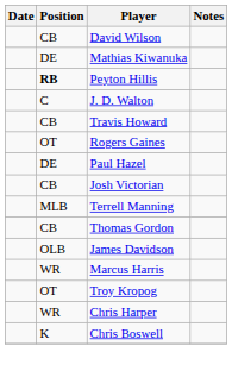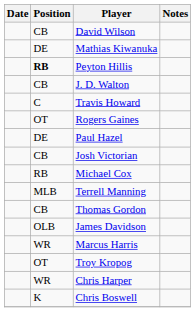 <table class="wikitable sortable" style="font-size: 95%;">
 <tr>
 <th>Date</th>
 <th>Position</th>
 <th>Player</th>
 <th>Notes</th>
 </tr>
 <tr>
 <td></td>
 <td>CB</td>
 <td><a href='#'>David Wilson</a></td>
 <td></td>
 </tr>
 <tr>
 <td></td>
 <td>DE</td>
 <td><a href='#'>Mathias Kiwanuka</a></td>
 <td></td>
 </tr>
 <tr>
 <td></td>
 <td><strong>RB</strong></td>
 <td><a href='#'>Peyton Hillis</a></td>
 <td></td>
 </tr>
 <tr>
 <td></td>
-<td>C</td>
+<td>CB</td>
 <td><a href='#'>J. D. Walton</a></td>
 <td></td>
 </tr>
 <tr>
 <td></td>
-<td>CB</td>
+<td>C</td>
 <td><a href='#'>Travis Howard</a></td>
 <td></td>
 </tr>
 <tr>
 <td></td>
 <td>OT</td>
 <td><a href='#'>Rogers Gaines</a></td>
 <td></td>
 </tr>
 <tr>
 <td></td>
 <td>DE</td>
 <td><a href='#'>Paul Hazel</a></td>
 <td></td>
 </tr>
 <tr>
 <td></td>
 <td>CB</td>
 <td><a href='#'>Josh Victorian</a></td>
+<td></td>
+</tr>
+<tr>
+<td></td>
+<td>RB</td>
+<td><a href='#'>Michael Cox</a></td>
 <td></td>
 </tr>
 <tr>
 <td></td>
 <td>MLB</td>
 <td><a href='#'>Terrell Manning</a></td>
 <td></td>
 </tr>
 <tr>
 <td></td>
 <td>CB</td>
 <td><a href='#'>Thomas Gordon</a></td>
 <td></td>
 </tr>
 <tr>
 <td></td>
 <td>OLB</td>
 <td><a href='#'>James Davidson</a></td>
 <td></td>
 </tr>
 <tr>
 <td></td>
 <td>WR</td>
 <td><a href='#'>Marcus Harris</a></td>
 <td></td>
 </tr>
 <tr>
 <td></td>
 <td>OT</td>
 <td><a href='#'>Troy Kropog</a></td>
 <td></td>
 </tr>
 <tr>
 <td></td>
 <td>WR</td>
 <td><a href='#'>Chris Harper</a></td>
 <td></td>
 </tr>
 <tr>
 <td></td>
 <td>K</td>
 <td><a href='#'>Chris Boswell</a></td>
 <td></td>
 </tr>
 <tr>
 </tr>
 </table>
